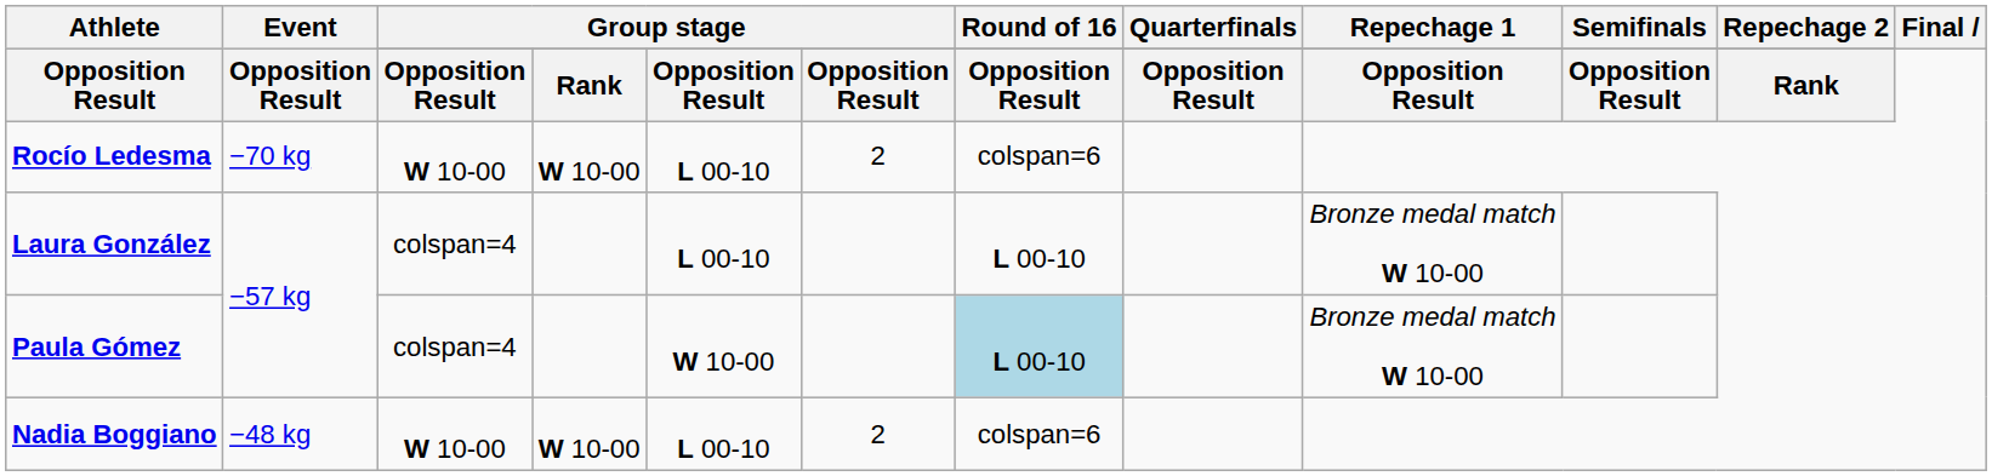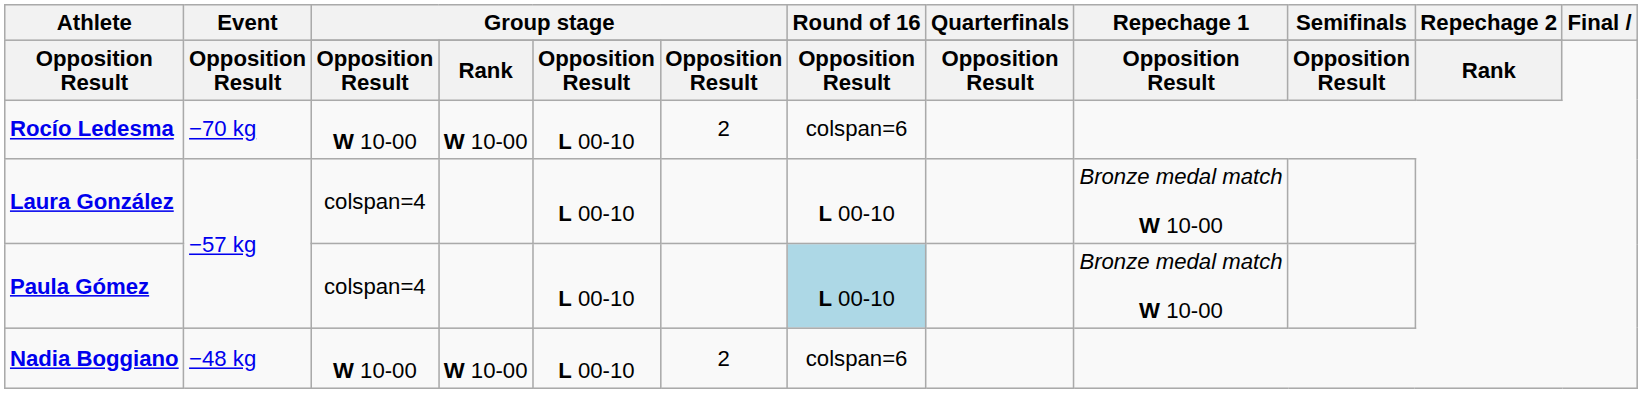 <table class="wikitable" style="font-size:90%">
 <tr>
 <th rowspan="2">Athlete</th>
 <th rowspan="2">Event</th>
 <th colspan="4">Group stage</th>
 <th>Round of 16</th>
 <th>Quarterfinals</th>
 <th>Repechage 1</th>
 <th>Semifinals</th>
 <th>Repechage 2</th>
 <th colspan="2">Final / </th>
 </tr>
 <tr>
 </tr>
 <tr>
 <th>Opposition<br>Result</th>
 <th>Opposition<br>Result</th>
 <th>Opposition<br>Result</th>
 <th>Rank</th>
 <th>Opposition<br>Result</th>
 <th>Opposition<br>Result</th>
 <th>Opposition<br>Result</th>
 <th>Opposition<br>Result</th>
 <th>Opposition<br>Result</th>
 <th>Opposition<br>Result</th>
 <th>Rank</th>
 </tr>
 <tr align=center>
 <td align=left><strong><a href='#'>Rocío Ledesma</a></strong></td>
 <td align=left><a href='#'>−70 kg</a></td>
 <td><br><strong>W</strong> 10-00</td>
 <td><br><strong>W</strong> 10-00</td>
 <td><br><strong>L</strong> 00-10</td>
 <td>2</td>
 <td>colspan=6 </td>
 <td></td>
 </tr>
 <tr align=center>
 <td align=left><strong><a href='#'>Laura González</a></strong></td>
 <td align=left rowspan=2><a href='#'>−57 kg</a></td>
 <td>colspan=4 </td>
 <td></td>
 <td><br><strong>L</strong> 00-10</td>
 <td></td>
 <td><br><strong>L</strong> 00-10</td>
 <td></td>
 <td><em>Bronze medal match</em><br><br><strong>W</strong> 10-00</td>
 <td></td>
 </tr>
 <tr align=center>
 <td align=left><strong><a href='#'>Paula Gómez</a></strong></td>
 <td>colspan=4 </td>
 <td></td>
-<td><br><strong>W</strong> 10-00</td>
+<td><br><strong>L</strong> 00-10</td>
 <td></td>
 <td style="background: lightblue;"><br><strong>L</strong> 00-10</td>
 <td></td>
 <td><em>Bronze medal match</em><br><br><strong>W</strong> 10-00</td>
 <td></td>
 </tr>
 <tr align=center>
 <td align=left><strong><a href='#'>Nadia Boggiano</a></strong></td>
 <td align=left><a href='#'>−48 kg</a></td>
 <td><br><strong>W</strong> 10-00</td>
 <td><br><strong>W</strong> 10-00</td>
 <td><br><strong>L</strong> 00-10</td>
 <td>2</td>
 <td>colspan=6 </td>
 <td></td>
 </tr>
 </table>
